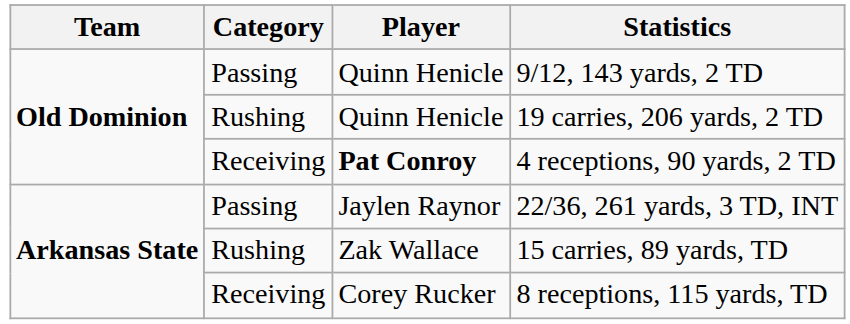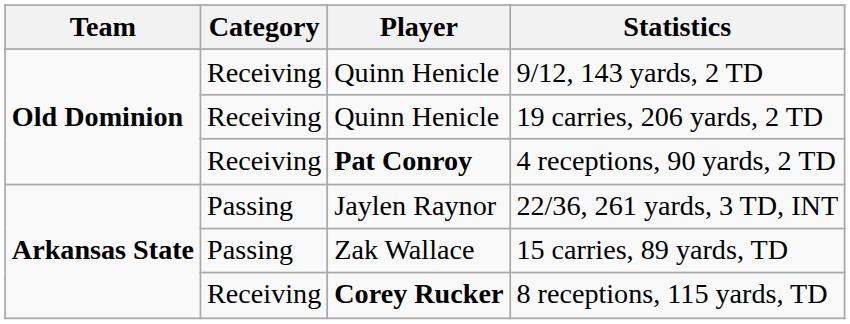 <table class="wikitable" style="float: right;">
 <tr>
 <th>Team</th>
 <th>Category</th>
 <th>Player</th>
 <th>Statistics</th>
 </tr>
 <tr>
 <td rowspan=3><strong>Old Dominion</strong></td>
-<td>Passing</td>
+<td>Receiving</td>
 <td>Quinn Henicle</td>
 <td>9/12, 143 yards, 2 TD</td>
 </tr>
 <tr>
-<td>Rushing</td>
+<td>Receiving</td>
 <td>Quinn Henicle</td>
 <td>19 carries, 206 yards, 2 TD</td>
 </tr>
 <tr>
 <td>Receiving</td>
 <td><strong>Pat Conroy</strong></td>
 <td>4 receptions, 90 yards, 2 TD</td>
 </tr>
 <tr>
 <td rowspan=3><strong>Arkansas State</strong></td>
 <td>Passing</td>
 <td>Jaylen Raynor</td>
 <td>22/36, 261 yards, 3 TD, INT</td>
 </tr>
 <tr>
-<td>Rushing</td>
+<td>Passing</td>
 <td>Zak Wallace</td>
 <td>15 carries, 89 yards, TD</td>
 </tr>
 <tr>
 <td>Receiving</td>
-<td>Corey Rucker</td>
+<td><strong>Corey Rucker</strong></td>
 <td>8 receptions, 115 yards, TD</td>
 </tr>
 </table>
